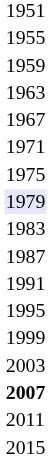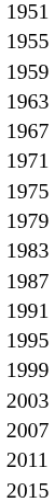 <table>
 <tr>
 <td>1951</td>
 <td></td>
 <td></td>
 <td></td>
 </tr>
 <tr>
 <td>1955</td>
 <td></td>
 <td></td>
 <td></td>
 </tr>
 <tr>
 <td>1959</td>
 <td></td>
 <td></td>
 <td></td>
 </tr>
 <tr>
 <td>1963</td>
 <td></td>
 <td></td>
 <td></td>
 </tr>
 <tr>
 <td>1967</td>
 <td></td>
 <td></td>
 <td></td>
 </tr>
 <tr>
 <td>1971</td>
 <td></td>
 <td></td>
 <td></td>
 </tr>
 <tr>
 <td>1975</td>
 <td></td>
 <td></td>
 <td></td>
 </tr>
 <tr>
-<td style="background: lavender;">1979</td>
+<td>1979</td>
 <td></td>
 <td></td>
 <td></td>
 </tr>
 <tr>
 <td>1983</td>
 <td></td>
 <td></td>
 <td></td>
 </tr>
 <tr>
 <td>1987</td>
 <td></td>
 <td></td>
 <td></td>
 </tr>
 <tr>
 <td>1991</td>
 <td></td>
 <td></td>
 <td></td>
 </tr>
 <tr>
 <td>1995</td>
 <td></td>
 <td></td>
 <td></td>
 </tr>
 <tr>
 <td>1999</td>
 <td></td>
 <td></td>
 <td></td>
 </tr>
 <tr>
 <td>2003</td>
 <td></td>
 <td></td>
 <td></td>
 </tr>
 <tr>
-<td><strong>2007</strong></td>
+<td>2007</td>
 <td></td>
 <td></td>
 <td></td>
 </tr>
 <tr>
 <td>2011<br></td>
 <td></td>
 <td></td>
 <td></td>
 </tr>
 <tr>
 <td>2015<br></td>
 <td></td>
 <td></td>
 <td></td>
 </tr>
 </table>
